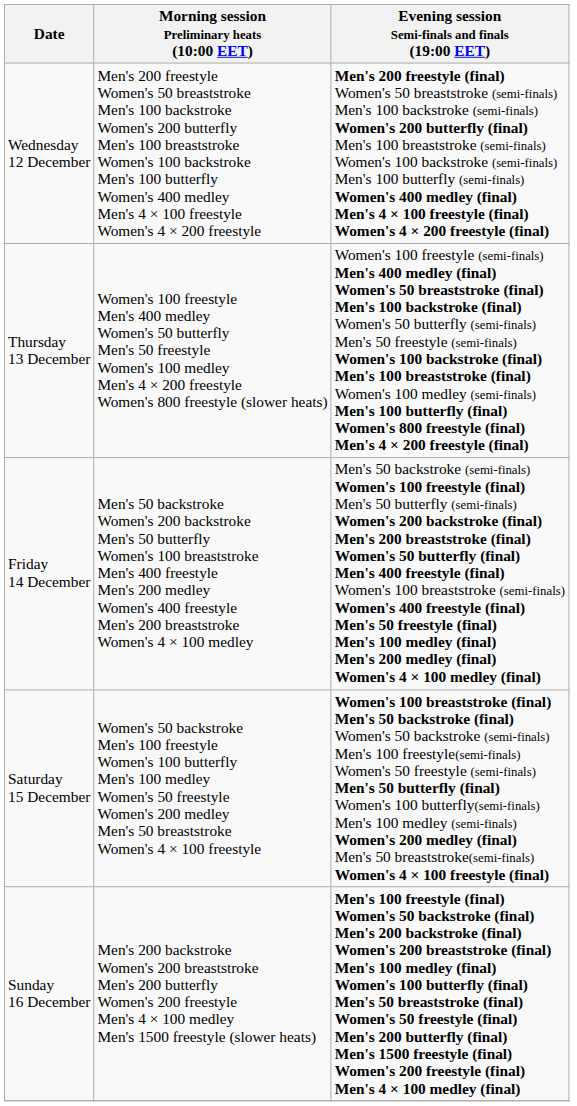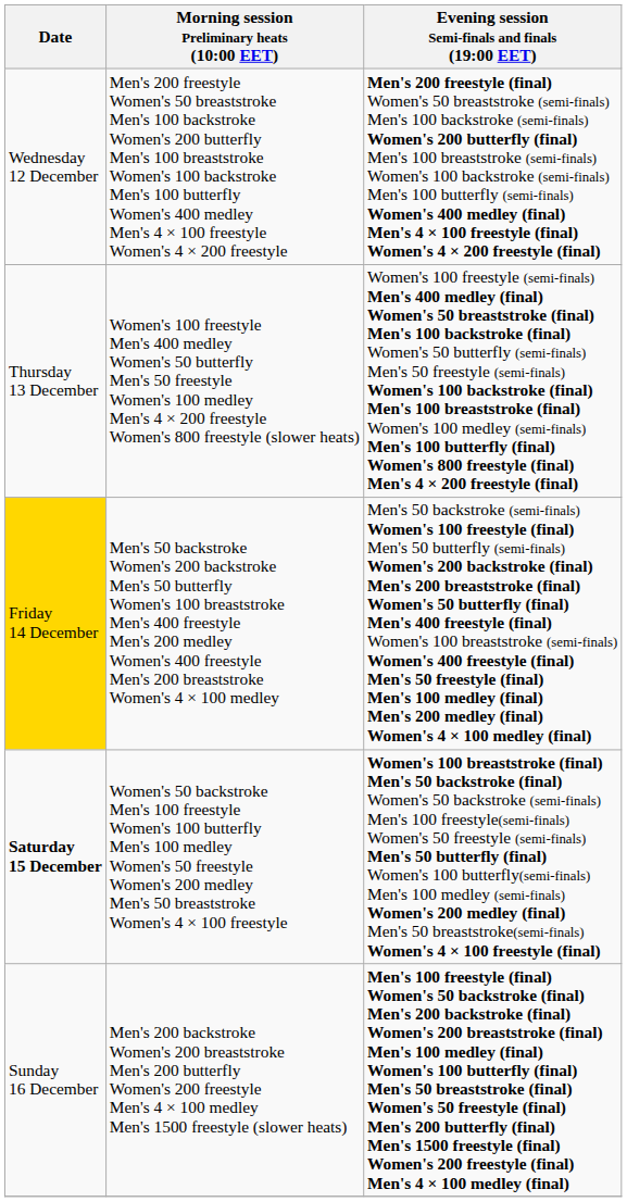 <table class=wikitable>
 <tr>
 <th>Date</th>
 <th>Morning session <br> <small> Preliminary heats </small><br> (10:00 <a href='#'>EET</a>)</th>
 <th>Evening session <br> <small> Semi-finals and finals </small><br> (19:00 <a href='#'>EET</a>)</th>
 </tr>
 <tr>
 <td>Wednesday <br> 12 December</td>
 <td>Men's 200 freestyle <br> Women's 50 breaststroke <br> Men's 100 backstroke <br> Women's 200 butterfly <br> Men's 100 breaststroke <br> Women's 100 backstroke <br> Men's 100 butterfly <br> Women's 400 medley <br> Men's 4 × 100 freestyle <br> Women's 4 × 200 freestyle</td>
 <td><strong>Men's 200 freestyle (final)</strong> <br> Women's 50 breaststroke <small>(semi-finals)</small> <br> Men's 100 backstroke <small>(semi-finals)</small> <br><strong>Women's 200 butterfly (final)</strong>  <br> Men's 100 breaststroke <small>(semi-finals)</small> <br> Women's 100 backstroke <small>(semi-finals)</small> <br> Men's 100 butterfly <small>(semi-finals)</small> <br> <strong>Women's 400 medley (final)</strong> <br> <strong>Men's 4 × 100 freestyle (final)</strong> <br> <strong>Women's 4 × 200 freestyle (final)</strong></td>
 </tr>
 <tr>
 <td>Thursday <br> 13 December</td>
 <td>Women's 100 freestyle <br> Men's 400 medley <br> Women's 50 butterfly <br> Men's 50 freestyle <br> Women's 100 medley <br>Men's 4 × 200 freestyle <br> Women's 800 freestyle (slower heats)</td>
 <td>Women's 100 freestyle <small>(semi-finals)</small> <br> <strong>Men's 400 medley (final)</strong> <br> <strong>Women's 50 breaststroke (final)</strong> <br> <strong>Men's 100 backstroke (final)</strong> <br> Women's 50 butterfly <small>(semi-finals)</small> <br> Men's 50 freestyle <small>(semi-finals)</small> <br><strong>Women's 100 backstroke (final)</strong><br><strong>Men's 100 breaststroke (final)</strong> <br> Women's 100 medley <small>(semi-finals)</small> <br><strong>Men's 100 butterfly (final)</strong> <br><strong>Women's 800 freestyle (final)</strong> <br><strong>Men's 4 × 200 freestyle (final)</strong></td>
 </tr>
 <tr>
-<td>Friday <br> 14 December</td>
+<td style="background: gold;">Friday <br> 14 December</td>
 <td>Men's 50 backstroke <br> Women's 200 backstroke <br> Men's 50 butterfly <br> Women's 100 breaststroke <br> Men's 400 freestyle<br> Men's 200 medley <br> Women's 400 freestyle <br> Men's 200 breaststroke <br> Women's 4 × 100 medley</td>
 <td>Men's 50 backstroke <small>(semi-finals)</small> <br> <strong>Women's 100 freestyle (final)</strong> <br> Men's 50 butterfly <small>(semi-finals)</small> <br> <strong>Women's 200 backstroke (final)</strong> <br> <strong>Men's 200 breaststroke (final)</strong> <br> <strong>Women's 50 butterfly (final)</strong> <br> <strong>Men's 400 freestyle (final)</strong> <br> Women's 100 breaststroke <small>(semi-finals)</small> <br><strong>Women's 400 freestyle (final)</strong> <br><strong>Men's 50 freestyle (final)</strong> <br><strong>Men's 100 medley (final)</strong> <br><strong>Men's 200 medley (final)</strong> <br><strong>Women's 4 × 100 medley (final)</strong></td>
 </tr>
 <tr>
-<td>Saturday <br> 15 December</td>
+<td><strong>Saturday <br> 15 December</strong></td>
 <td>Women's 50 backstroke <br> Men's 100 freestyle <br> Women's 100 butterfly <br> Men's 100 medley <br> Women's 50 freestyle <br> Women's 200 medley <br> Men's 50 breaststroke <br> Women's 4 × 100 freestyle</td>
 <td><strong>Women's 100 breaststroke (final)</strong> <br> <strong>Men's 50 backstroke (final)</strong> <br> Women's 50 backstroke <small>(semi-finals)</small> <br> Men's 100 freestyle<small>(semi-finals)</small> <br> Women's 50 freestyle <small>(semi-finals)</small> <br> <strong>Men's 50 butterfly (final)</strong> <br> Women's 100 butterfly<small>(semi-finals)</small> <br> Men's 100 medley <small>(semi-finals)</small> <br> <strong>Women's 200 medley (final)</strong> <br> Men's 50 breaststroke<small>(semi-finals)</small> <br><strong>Women's 4 × 100 freestyle (final)</strong></td>
 </tr>
 <tr>
 <td>Sunday <br> 16 December</td>
 <td>Men's 200 backstroke <br> Women's 200 breaststroke <br> Men's 200 butterfly <br> Women's 200 freestyle <br> Men's 4 × 100 medley <br> Men's 1500 freestyle (slower heats)</td>
 <td><strong>Men's 100 freestyle (final)</strong> <br> <strong>Women's 50 backstroke (final)</strong> <br> <strong>Men's 200 backstroke (final)</strong> <br> <strong>Women's 200 breaststroke (final)</strong> <br> <strong>Men's 100 medley (final)</strong><br> <strong>Women's 100 butterfly (final)</strong><br> <strong>Men's 50 breaststroke (final)</strong>  <br> <strong>Women's 50 freestyle (final)</strong>  <br> <strong>Men's 200 butterfly (final)</strong> <br> <strong>Men's 1500 freestyle (final)</strong>  <br> <strong>Women's 200 freestyle (final)</strong><br> <strong>Men's 4 × 100 medley (final)</strong></td>
 </tr>
 <tr>
 </tr>
 </table>
